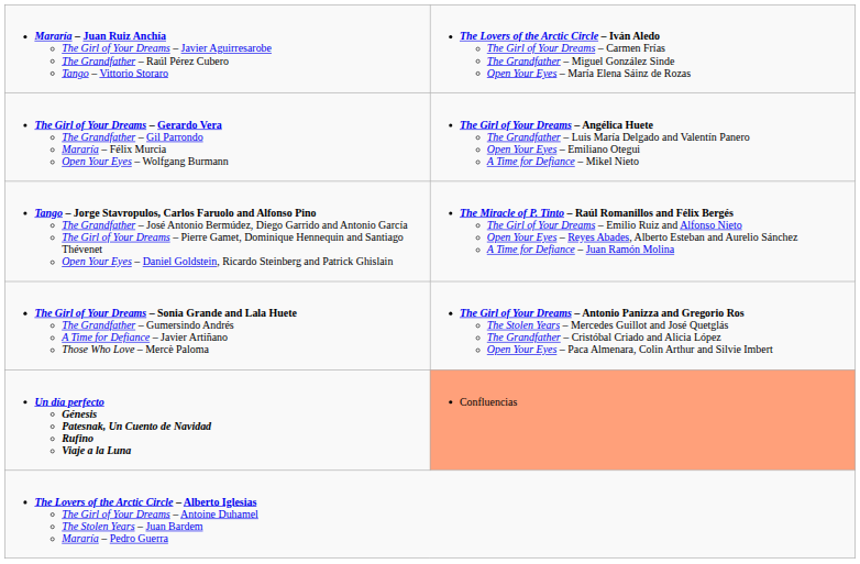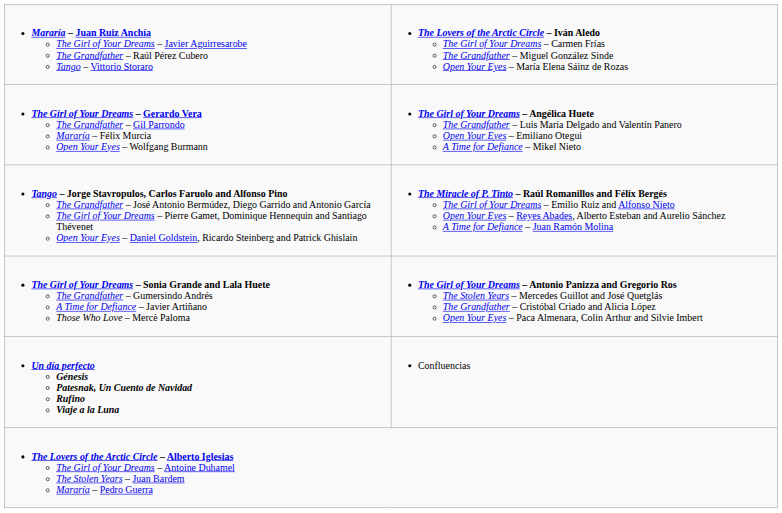 <table class=wikitable style="width=100%">
 <tr>
 <td style="vertical-align:top;" width="50%"><br><ul><li><strong> <em><a href='#'>Mararía</a></em> – <a href='#'>Juan Ruiz Anchía</a></strong><ul><li><em><a href='#'>The Girl of Your Dreams</a></em> – <a href='#'>Javier Aguirresarobe</a></li><li><em><a href='#'>The Grandfather</a></em> – Raúl Pérez Cubero</li><li><em><a href='#'>Tango</a></em> – <a href='#'>Vittorio Storaro</a></li></ul></li></ul></td>
 <td style="vertical-align:top;" width="50%"><br><ul><li><strong> <em><a href='#'>The Lovers of the Arctic Circle</a></em> – Iván Aledo</strong><ul><li><em><a href='#'>The Girl of Your Dreams</a></em> – Carmen Frías</li><li><em><a href='#'>The Grandfather</a></em> – Miguel González Sinde</li><li><em><a href='#'>Open Your Eyes</a></em> – María Elena Sáinz de Rozas</li></ul></li></ul></td>
 </tr>
 <tr>
 <td style="vertical-align:top;" width="50%"><br><ul><li><strong> <em><a href='#'>The Girl of Your Dreams</a></em> – <a href='#'>Gerardo Vera</a></strong><ul><li><em><a href='#'>The Grandfather</a></em> – <a href='#'>Gil Parrondo</a></li><li><em><a href='#'>Mararía</a></em> – Félix Murcia</li><li><em><a href='#'>Open Your Eyes</a></em> – Wolfgang Burmann</li></ul></li></ul></td>
 <td style="vertical-align:top;" width="50%"><br><ul><li><strong> <em><a href='#'>The Girl of Your Dreams</a></em> – Angélica Huete</strong><ul><li><em><a href='#'>The Grandfather</a></em> – Luis María Delgado and Valentín Panero</li><li><em><a href='#'>Open Your Eyes</a></em> – Emiliano Otegui</li><li><em><a href='#'>A Time for Defiance</a></em> – Mikel Nieto</li></ul></li></ul></td>
 </tr>
 <tr>
 <td style="vertical-align:top;" width="50%"><br><ul><li><strong> <em><a href='#'>Tango</a></em> – Jorge Stavropulos, Carlos Faruolo and Alfonso Pino</strong><ul><li><em><a href='#'>The Grandfather</a></em> – José Antonio Bermúdez, Diego Garrido and Antonio García</li><li><em><a href='#'>The Girl of Your Dreams</a></em> – Pierre Gamet, Dominique Hennequin and Santiago Thévenet</li><li><em><a href='#'>Open Your Eyes</a></em> – <a href='#'>Daniel Goldstein</a>, Ricardo Steinberg and Patrick Ghislain</li></ul></li></ul></td>
 <td style="vertical-align:top;" width="50%"><br><ul><li><strong> <em><a href='#'>The Miracle of P. Tinto</a></em> – Raúl Romanillos and Félix Bergés</strong><ul><li><em><a href='#'>The Girl of Your Dreams</a></em> – Emilio Ruiz and <a href='#'>Alfonso Nieto</a></li><li><em><a href='#'>Open Your Eyes</a></em> – <a href='#'>Reyes Abades</a>, Alberto Esteban and Aurelio Sánchez</li><li><em><a href='#'>A Time for Defiance</a></em> – <a href='#'>Juan Ramón Molina</a></li></ul></li></ul></td>
 </tr>
 <tr>
 <td style="vertical-align:top;" width="50%"><br><ul><li><strong> <em><a href='#'>The Girl of Your Dreams</a></em> – Sonia Grande and Lala Huete</strong><ul><li><em><a href='#'>The Grandfather</a></em> – Gumersindo Andrés</li><li><em><a href='#'>A Time for Defiance</a></em> – Javier Artiñano</li><li><em>Those Who Love</em> – Mercè Paloma</li></ul></li></ul></td>
 <td style="vertical-align:top;" width="50%"><br><ul><li><strong> <em><a href='#'>The Girl of Your Dreams</a></em> – Antonio Panizza and Gregorio Ros</strong><ul><li><em><a href='#'>The Stolen Years</a></em> – Mercedes Guillot and José Quetglás</li><li><em><a href='#'>The Grandfather</a></em> – Cristóbal Criado and Alicia López</li><li><em><a href='#'>Open Your Eyes</a></em> – Paca Almenara, Colin Arthur and Silvie Imbert</li></ul></li></ul></td>
 </tr>
 <tr>
 <td style="vertical-align:top;" width="50%"><br><ul><li><strong> <em><a href='#'>Un día perfecto</a><strong><em><ul><li></em>Génesis<em></li><li></em>Patesnak, Un Cuento de Navidad<em></li><li></em>Rufino<em></li><li></em>Viaje a la Luna<em></li></ul></li></ul></td>
-<td style="background: lightsalmon; vertical-align:top;" width="50%"><br><ul><li></strong> </em>Confluencias</em></strong></li></ul></td>
+<td style="vertical-align:top;" width="50%"><br><ul><li></strong> </em>Confluencias</em></strong></li></ul></td>
 </tr>
 <tr>
 <td style="vertical-align:top;" width="50%" colspan = "2"><br><ul><li><strong> <em><a href='#'>The Lovers of the Arctic Circle</a></em> – <a href='#'>Alberto Iglesias</a></strong><ul><li><em><a href='#'>The Girl of Your Dreams</a></em> – <a href='#'>Antoine Duhamel</a></li><li><em><a href='#'>The Stolen Years</a></em> – <a href='#'>Juan Bardem</a></li><li><em><a href='#'>Mararía</a></em> – <a href='#'>Pedro Guerra</a></li></ul></li></ul></td>
 </tr>
 </table>
